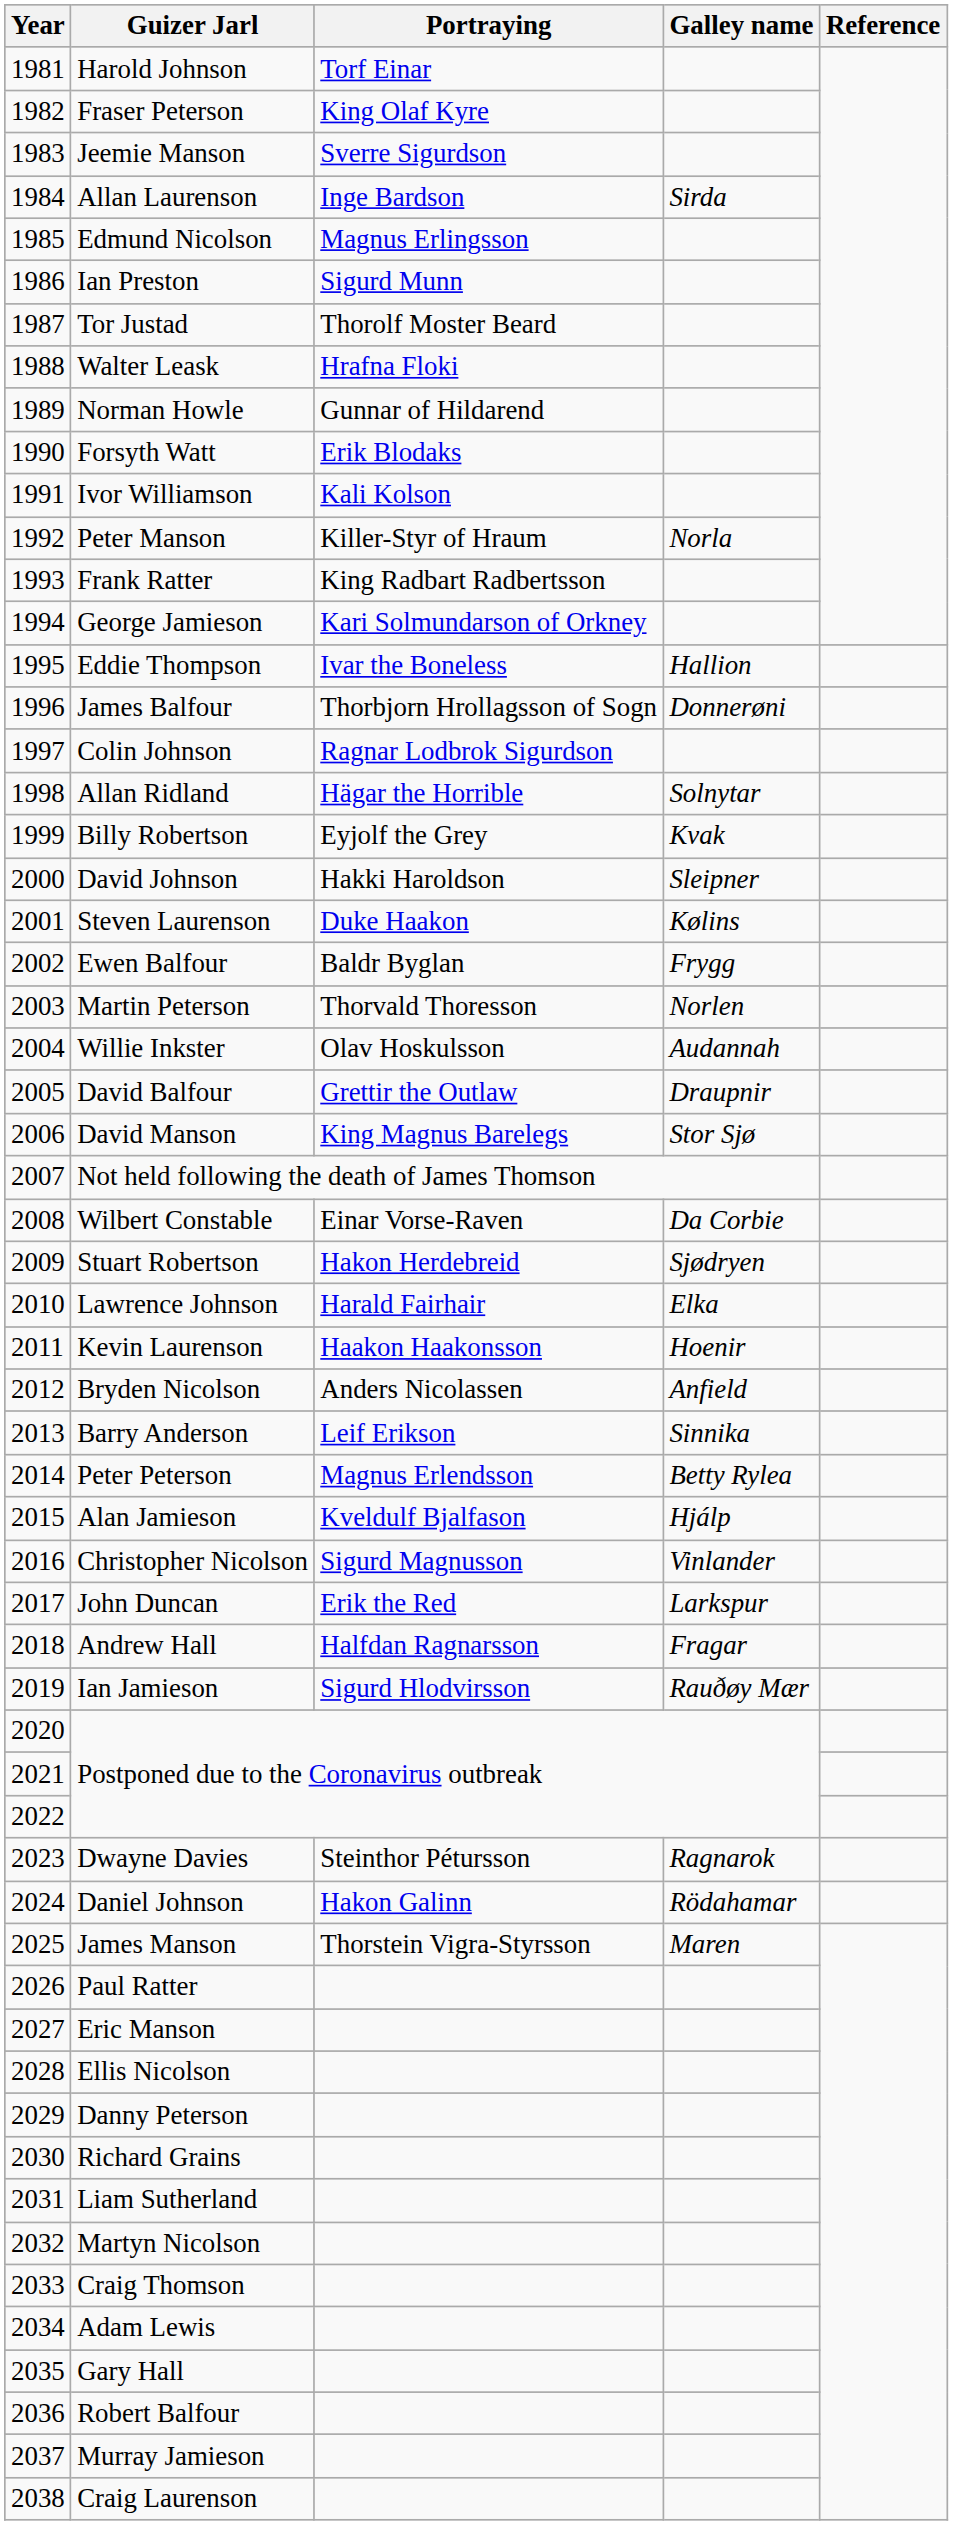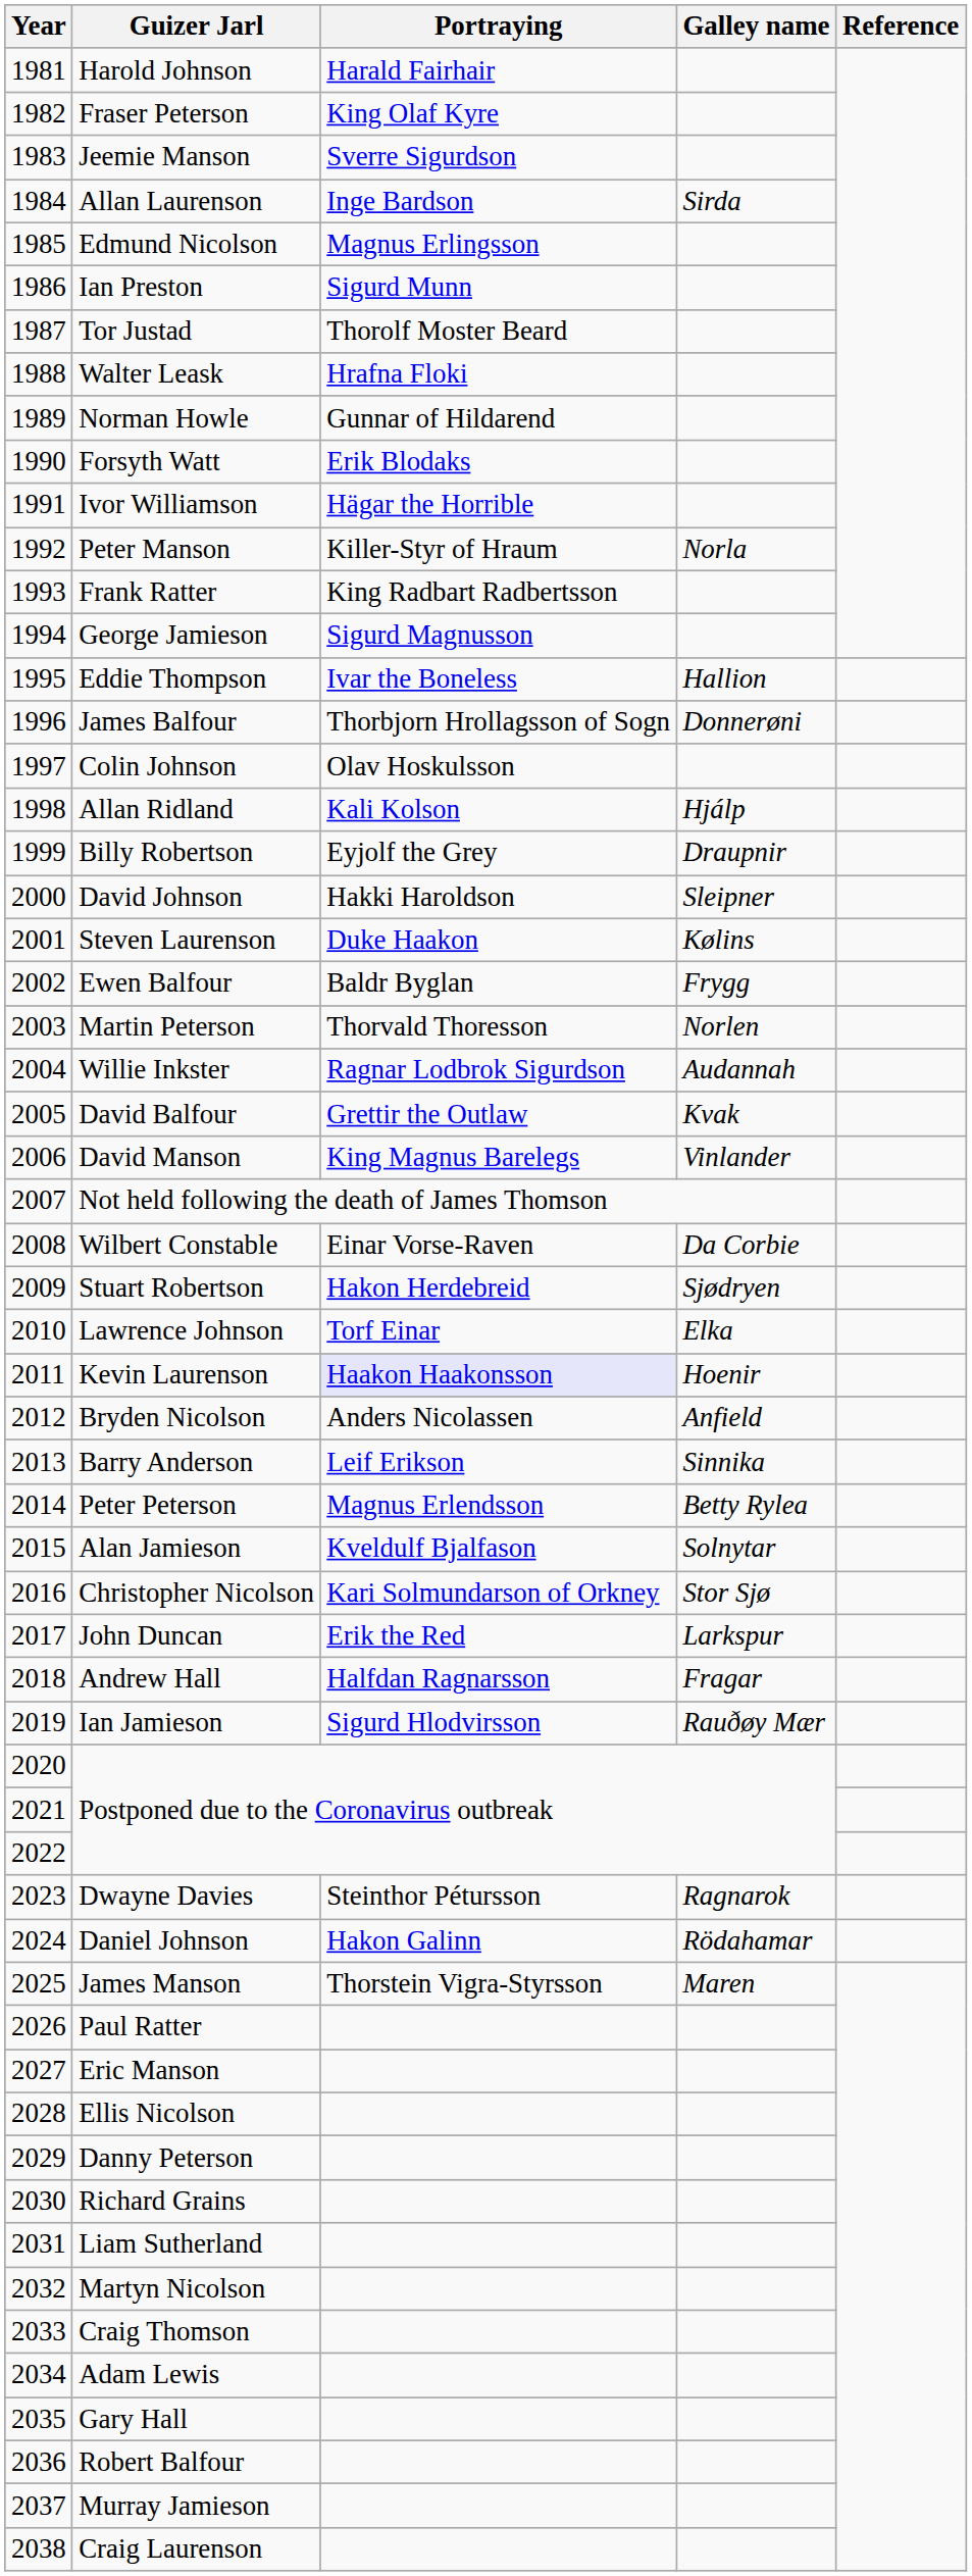 <table class="wikitable sortable">
 <tr>
 <th>Year</th>
 <th>Guizer Jarl</th>
 <th>Portraying</th>
 <th>Galley name</th>
 <th>Reference</th>
 </tr>
 <tr>
 <td>1981</td>
 <td>Harold Johnson</td>
-<td><a href='#'>Torf Einar</a></td>
+<td><a href='#'>Harald Fairhair</a></td>
 <td></td>
 <td rowspan="14"></td>
 </tr>
 <tr>
 <td>1982</td>
 <td>Fraser Peterson</td>
 <td><a href='#'>King Olaf Kyre</a></td>
 <td></td>
 </tr>
 <tr>
 <td>1983</td>
 <td>Jeemie Manson</td>
 <td><a href='#'>Sverre Sigurdson</a></td>
 <td></td>
 </tr>
 <tr>
 <td>1984</td>
 <td>Allan Laurenson</td>
 <td><a href='#'>Inge Bardson</a></td>
 <td><em>Sirda</em></td>
 </tr>
 <tr>
 <td>1985</td>
 <td>Edmund Nicolson</td>
 <td><a href='#'>Magnus Erlingsson</a></td>
 <td></td>
 </tr>
 <tr>
 <td>1986</td>
 <td>Ian Preston</td>
 <td><a href='#'>Sigurd Munn</a></td>
 <td></td>
 </tr>
 <tr>
 <td>1987</td>
 <td>Tor Justad</td>
 <td>Thorolf Moster Beard</td>
 <td></td>
 </tr>
 <tr>
 <td>1988</td>
 <td>Walter Leask</td>
 <td><a href='#'>Hrafna Floki</a></td>
 <td></td>
 </tr>
 <tr>
 <td>1989</td>
 <td>Norman Howle</td>
 <td>Gunnar of Hildarend</td>
 <td></td>
 </tr>
 <tr>
 <td>1990</td>
 <td>Forsyth Watt</td>
 <td><a href='#'>Erik Blodaks</a></td>
 <td></td>
 </tr>
 <tr>
 <td>1991</td>
 <td>Ivor Williamson</td>
-<td><a href='#'>Kali Kolson</a></td>
+<td><a href='#'>Hägar the Horrible</a></td>
 <td></td>
 </tr>
 <tr>
 <td>1992</td>
 <td>Peter Manson</td>
 <td>Killer-Styr of Hraum</td>
 <td><em>Norla</em></td>
 </tr>
 <tr>
 <td>1993</td>
 <td>Frank Ratter</td>
 <td>King Radbart Radbertsson</td>
 <td></td>
 </tr>
 <tr>
 <td>1994</td>
 <td>George Jamieson</td>
-<td><a href='#'>Kari Solmundarson of Orkney</a></td>
+<td><a href='#'>Sigurd Magnusson</a></td>
 <td></td>
 </tr>
 <tr>
 <td>1995</td>
 <td>Eddie Thompson</td>
 <td><a href='#'>Ivar the Boneless</a></td>
 <td><em>Hallion</em></td>
 <td></td>
 </tr>
 <tr>
 <td>1996</td>
 <td>James Balfour</td>
 <td>Thorbjorn Hrollagsson of Sogn</td>
 <td><em>Donnerøni</em></td>
 <td></td>
 </tr>
 <tr>
 <td>1997</td>
 <td>Colin Johnson</td>
-<td><a href='#'>Ragnar Lodbrok Sigurdson</a></td>
+<td>Olav Hoskulsson</td>
 <td></td>
 <td></td>
 </tr>
 <tr>
 <td>1998</td>
 <td>Allan Ridland</td>
-<td><a href='#'>Hägar the Horrible</a></td>
-<td><em>Solnytar</em></td>
+<td><a href='#'>Kali Kolson</a></td>
+<td><em>Hjálp</em></td>
 <td></td>
 </tr>
 <tr>
 <td>1999</td>
 <td>Billy Robertson</td>
 <td>Eyjolf the Grey</td>
-<td><em>Kvak</em></td>
+<td><em>Draupnir</em></td>
 <td></td>
 </tr>
 <tr>
 <td>2000</td>
 <td>David Johnson</td>
 <td>Hakki Haroldson</td>
 <td><em>Sleipner</em></td>
 <td></td>
 </tr>
 <tr>
 <td>2001</td>
 <td>Steven Laurenson</td>
 <td><a href='#'>Duke Haakon</a></td>
 <td><em>Kølins</em></td>
 <td></td>
 </tr>
 <tr>
 <td>2002</td>
 <td>Ewen Balfour</td>
 <td>Baldr Byglan</td>
 <td><em>Frygg</em></td>
 <td></td>
 </tr>
 <tr>
 <td>2003</td>
 <td>Martin Peterson</td>
 <td>Thorvald Thoresson</td>
 <td><em>Norlen</em></td>
 <td></td>
 </tr>
 <tr>
 <td>2004</td>
 <td>Willie Inkster</td>
-<td>Olav Hoskulsson</td>
+<td><a href='#'>Ragnar Lodbrok Sigurdson</a></td>
 <td><em>Audannah</em></td>
 <td></td>
 </tr>
 <tr>
 <td>2005</td>
 <td>David Balfour</td>
 <td><a href='#'>Grettir the Outlaw</a></td>
-<td><em>Draupnir</em></td>
+<td><em>Kvak</em></td>
 <td></td>
 </tr>
 <tr>
 <td>2006</td>
 <td>David Manson</td>
 <td><a href='#'>King Magnus Barelegs</a></td>
-<td><em>Stor Sjø</em></td>
+<td><em>Vinlander</em></td>
 <td></td>
 </tr>
 <tr>
 <td>2007</td>
 <td colspan="3">Not held following the death of James Thomson</td>
 <td></td>
 </tr>
 <tr>
 <td>2008</td>
 <td>Wilbert Constable</td>
 <td>Einar Vorse-Raven</td>
 <td><em>Da Corbie</em></td>
 <td></td>
 </tr>
 <tr>
 <td>2009</td>
 <td>Stuart Robertson</td>
 <td><a href='#'>Hakon Herdebreid</a></td>
 <td><em>Sjødryen</em></td>
 <td></td>
 </tr>
 <tr>
 <td>2010</td>
 <td>Lawrence Johnson</td>
-<td><a href='#'>Harald Fairhair</a></td>
+<td><a href='#'>Torf Einar</a></td>
 <td><em>Elka</em></td>
 <td></td>
 </tr>
 <tr>
 <td>2011</td>
 <td>Kevin Laurenson</td>
-<td><a href='#'>Haakon Haakonsson</a></td>
+<td style="background: lavender;"><a href='#'>Haakon Haakonsson</a></td>
 <td><em>Hoenir</em></td>
 <td></td>
 </tr>
 <tr>
 <td>2012</td>
 <td>Bryden Nicolson</td>
 <td>Anders Nicolassen</td>
 <td><em>Anfield</em></td>
 <td></td>
 </tr>
 <tr>
 <td>2013</td>
 <td>Barry Anderson</td>
 <td><a href='#'>Leif Erikson</a></td>
 <td><em>Sinnika</em></td>
 <td></td>
 </tr>
 <tr>
 <td>2014</td>
 <td>Peter Peterson</td>
 <td><a href='#'>Magnus Erlendsson</a></td>
 <td><em>Betty Rylea</em></td>
 <td></td>
 </tr>
 <tr>
 <td>2015</td>
 <td>Alan Jamieson</td>
 <td><a href='#'>Kveldulf Bjalfason</a></td>
-<td><em>Hjálp</em></td>
+<td><em>Solnytar</em></td>
 <td></td>
 </tr>
 <tr>
 <td>2016</td>
 <td>Christopher Nicolson</td>
-<td><a href='#'>Sigurd Magnusson</a></td>
-<td><em>Vinlander</em></td>
+<td><a href='#'>Kari Solmundarson of Orkney</a></td>
+<td><em>Stor Sjø</em></td>
 <td></td>
 </tr>
 <tr>
 <td>2017</td>
 <td>John Duncan</td>
 <td><a href='#'>Erik the Red</a></td>
 <td><em>Larkspur</em></td>
 <td></td>
 </tr>
 <tr>
 <td>2018</td>
 <td>Andrew Hall</td>
 <td><a href='#'>Halfdan Ragnarsson</a></td>
 <td><em>Fragar</em></td>
 <td></td>
 </tr>
 <tr>
 <td>2019</td>
 <td>Ian Jamieson</td>
 <td><a href='#'>Sigurd Hlodvirsson</a></td>
 <td><em>Rauðøy Mær</em></td>
 <td></td>
 </tr>
 <tr>
 <td>2020</td>
 <td colspan="3" rowspan="3">Postponed due to the <a href='#'>Coronavirus</a> outbreak</td>
 <td></td>
 </tr>
 <tr>
 <td>2021</td>
 <td></td>
 </tr>
 <tr>
 <td>2022</td>
 <td></td>
 </tr>
 <tr>
 <td>2023</td>
 <td>Dwayne Davies</td>
 <td>Steinthor Pétursson</td>
 <td><em>Ragnarok</em></td>
 <td></td>
 </tr>
 <tr>
 <td>2024</td>
 <td>Daniel Johnson</td>
 <td><a href='#'>Hakon Galinn</a></td>
 <td><em>Rödahamar</em></td>
 <td></td>
 </tr>
 <tr>
 <td>2025</td>
 <td>James Manson</td>
 <td>Thorstein Vigra-Styrsson</td>
 <td><em>Maren</em></td>
 <td rowspan="14"></td>
 </tr>
 <tr>
 <td>2026</td>
 <td>Paul Ratter</td>
 <td></td>
 <td></td>
 </tr>
 <tr>
 <td>2027</td>
 <td>Eric Manson</td>
 <td></td>
 <td></td>
 </tr>
 <tr>
 <td>2028</td>
 <td>Ellis Nicolson</td>
 <td></td>
 <td></td>
 </tr>
 <tr>
 <td>2029</td>
 <td>Danny Peterson</td>
 <td></td>
 <td></td>
 </tr>
 <tr>
 <td>2030</td>
 <td>Richard Grains</td>
 <td></td>
 <td></td>
 </tr>
 <tr>
 <td>2031</td>
 <td>Liam Sutherland</td>
 <td></td>
 <td></td>
 </tr>
 <tr>
 <td>2032</td>
 <td>Martyn Nicolson</td>
 <td></td>
 <td></td>
 </tr>
 <tr>
 <td>2033</td>
 <td>Craig Thomson</td>
 <td></td>
 <td></td>
 </tr>
 <tr>
 <td>2034</td>
 <td>Adam Lewis</td>
 <td></td>
 <td></td>
 </tr>
 <tr>
 <td>2035</td>
 <td>Gary Hall</td>
 <td></td>
 <td></td>
 </tr>
 <tr>
 <td>2036</td>
 <td>Robert Balfour</td>
 <td></td>
 <td></td>
 </tr>
 <tr>
 <td>2037</td>
 <td>Murray Jamieson</td>
 <td></td>
 <td></td>
 </tr>
 <tr>
 <td>2038</td>
 <td>Craig Laurenson</td>
 <td></td>
 <td></td>
 </tr>
 </table>
